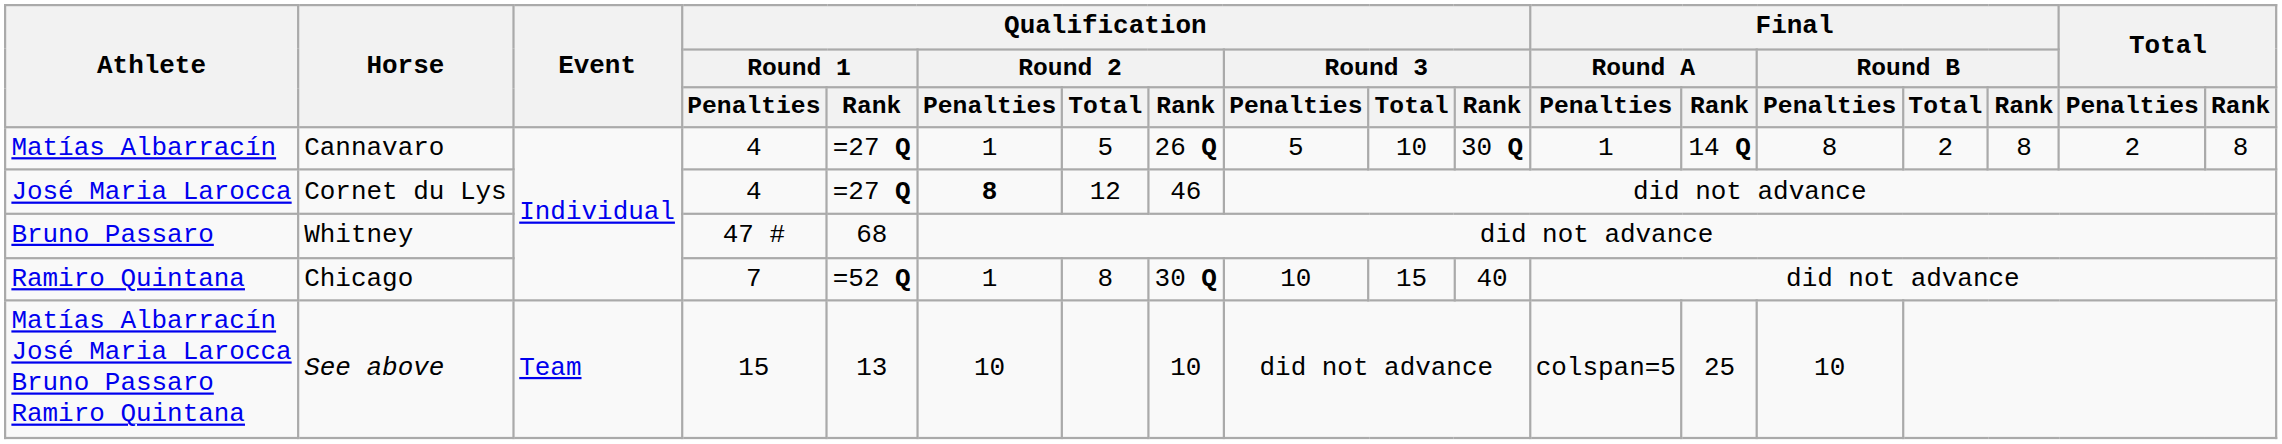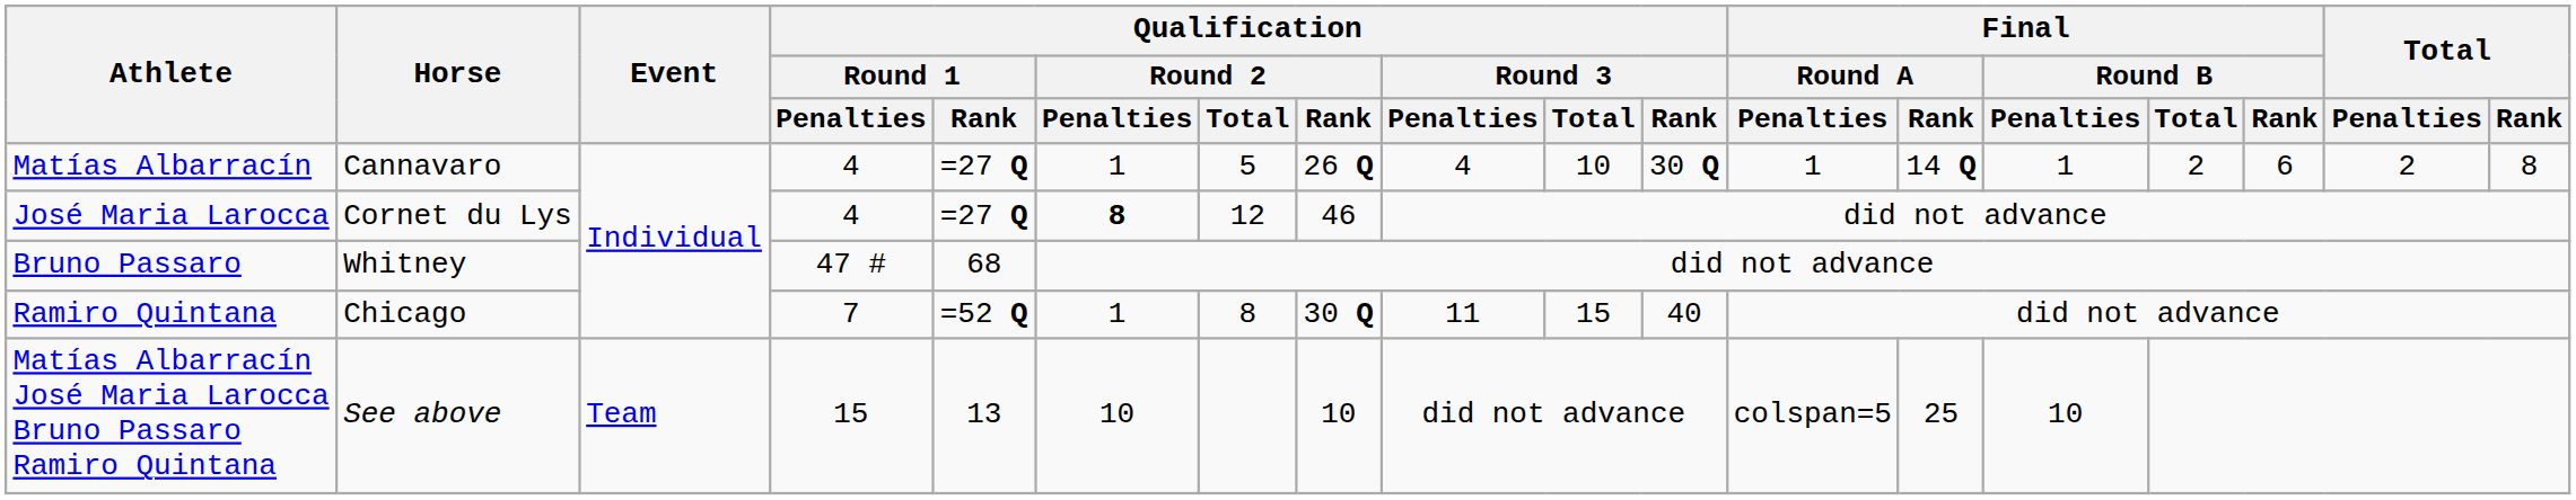 <table class="wikitable" style="font-size:90%">
 <tr>
 <th rowspan="3">Athlete</th>
 <th rowspan="3">Horse</th>
 <th rowspan="3">Event</th>
 <th colspan="8">Qualification</th>
 <th colspan="5">Final</th>
 <th rowspan=2 colspan="2">Total</th>
 </tr>
 <tr style="font-size:95%">
 <th colspan="2">Round 1</th>
 <th colspan="3">Round 2</th>
 <th colspan="3">Round 3</th>
 <th colspan="2">Round A</th>
 <th colspan="3">Round B</th>
 </tr>
 <tr style="font-size:95%">
 <th>Penalties</th>
 <th>Rank</th>
 <th>Penalties</th>
 <th>Total</th>
 <th>Rank</th>
 <th>Penalties</th>
 <th>Total</th>
 <th>Rank</th>
 <th>Penalties</th>
 <th>Rank</th>
 <th>Penalties</th>
 <th>Total</th>
 <th>Rank</th>
 <th>Penalties</th>
 <th>Rank</th>
 </tr>
 <tr align=center>
 <td align=left><a href='#'>Matías Albarracín</a></td>
 <td align=left>Cannavaro</td>
 <td align=left rowspan=4><a href='#'>Individual</a></td>
 <td>4</td>
 <td>=27 <strong>Q</strong></td>
 <td>1</td>
 <td>5</td>
 <td>26 <strong>Q</strong></td>
-<td>5</td>
+<td>4</td>
 <td>10</td>
 <td>30 <strong>Q</strong></td>
 <td>1</td>
 <td>14 <strong>Q</strong></td>
-<td>8</td>
+<td>1</td>
 <td>2</td>
-<td>8</td>
+<td>6</td>
 <td>2</td>
 <td>8</td>
 </tr>
 <tr align=center>
 <td align=left><a href='#'>José Maria Larocca</a></td>
 <td align=left>Cornet du Lys</td>
 <td>4</td>
 <td>=27 <strong>Q</strong></td>
 <td><strong>8</strong></td>
 <td>12</td>
 <td>46</td>
 <td colspan=10>did not advance</td>
 </tr>
 <tr align=center>
 <td align=left><a href='#'>Bruno Passaro</a></td>
 <td align=left>Whitney</td>
 <td>47 #</td>
 <td>68</td>
 <td colspan=13>did not advance</td>
 </tr>
 <tr align=center>
 <td align=left><a href='#'>Ramiro Quintana</a></td>
 <td align=left>Chicago</td>
 <td>7</td>
 <td>=52 <strong>Q</strong></td>
 <td>1</td>
 <td>8</td>
 <td>30 <strong>Q</strong></td>
-<td>10</td>
+<td>11</td>
 <td>15</td>
 <td>40</td>
 <td colspan=7>did not advance</td>
 </tr>
 <tr align=center>
 <td align=left><a href='#'>Matías Albarracín</a><br><a href='#'>José Maria Larocca</a><br><a href='#'>Bruno Passaro</a><br><a href='#'>Ramiro Quintana</a></td>
 <td align=left><em>See above</em></td>
 <td align=left><a href='#'>Team</a></td>
 <td>15</td>
 <td>13</td>
 <td>10</td>
 <td></td>
 <td>10</td>
 <td colspan=3>did not advance</td>
 <td>colspan=5 </td>
 <td>25</td>
 <td>10</td>
 </tr>
 </table>
